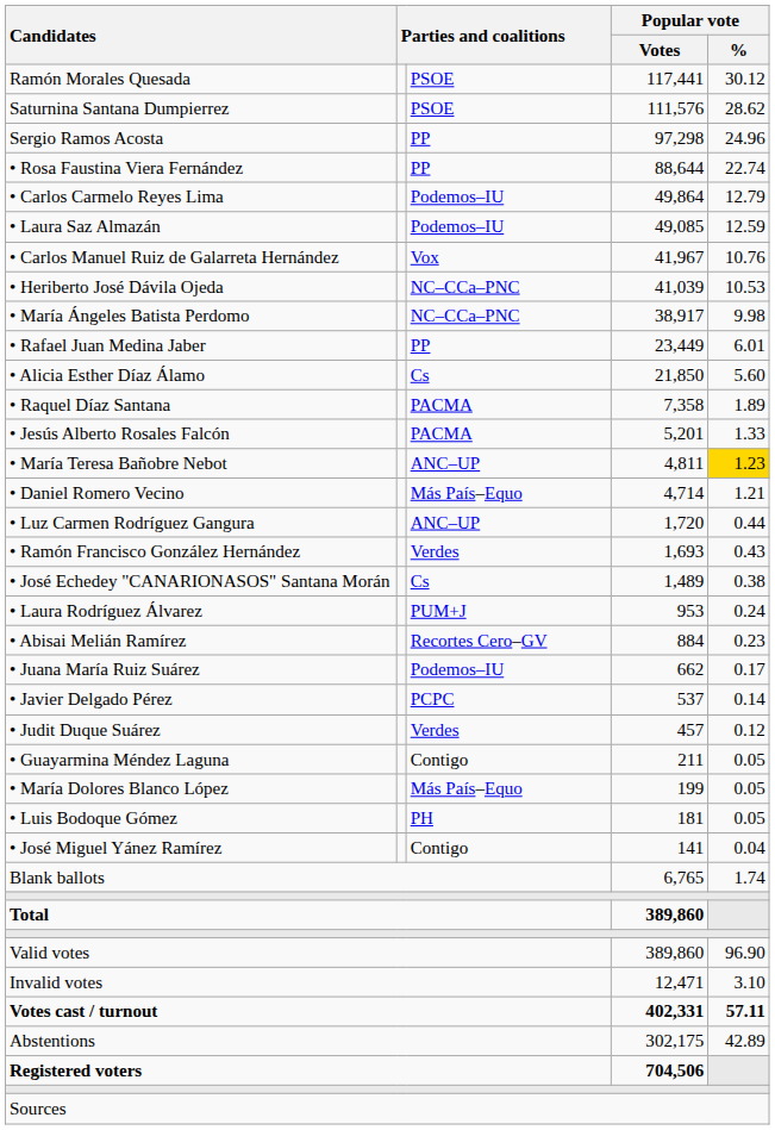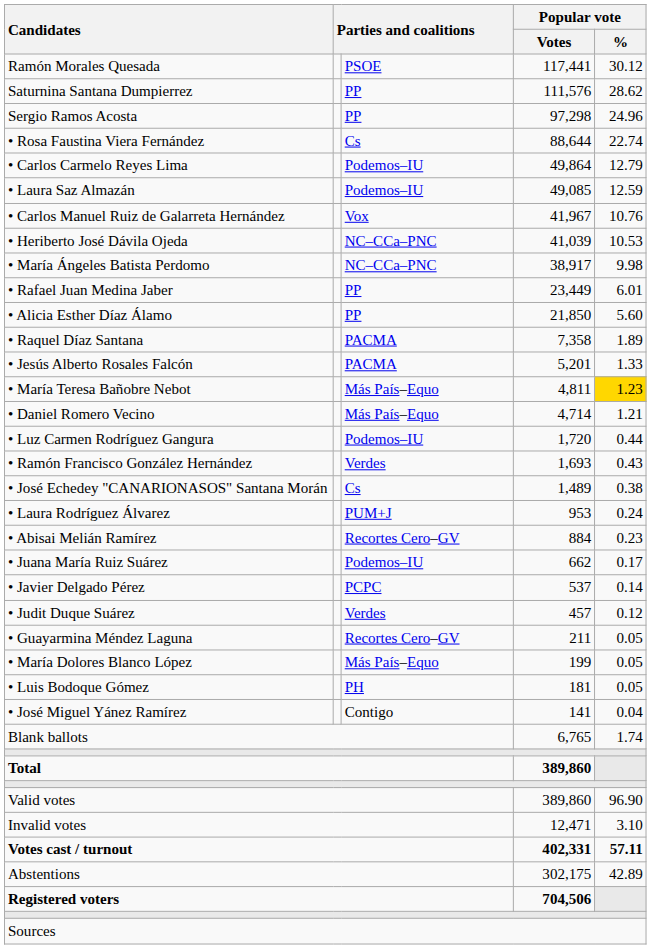 <table class="wikitable" style="text-align:right; font-size:95%;">
 <tr>
 <th style="text-align:left;" rowspan="2" width="325">Candidates</th>
 <th style="text-align:left;" rowspan="2" colspan="2" width="175">Parties and coalitions</th>
 <th colspan="2">Popular vote</th>
 </tr>
 <tr>
 <th width="75">Votes</th>
 <th width="45">%</th>
 </tr>
 <tr>
 <td align="left"> Ramón Morales Quesada</td>
 <td width="1" style="color:inherit;background:"></td>
 <td align="left"><a href='#'>PSOE</a></td>
 <td>117,441</td>
 <td>30.12</td>
 </tr>
 <tr>
 <td align="left"> Saturnina Santana Dumpierrez</td>
 <td style="color:inherit;background:"></td>
-<td align="left"><a href='#'>PSOE</a></td>
+<td align="left"><a href='#'>PP</a></td>
 <td>111,576</td>
 <td>28.62</td>
 </tr>
 <tr>
 <td align="left"> Sergio Ramos Acosta</td>
 <td style="color:inherit;background:"></td>
 <td align="left"><a href='#'>PP</a></td>
 <td>97,298</td>
 <td>24.96</td>
 </tr>
 <tr>
 <td align="left">• Rosa Faustina Viera Fernández</td>
 <td style="color:inherit;background:"></td>
-<td align="left"><a href='#'>PP</a></td>
+<td align="left"><a href='#'>Cs</a></td>
 <td>88,644</td>
 <td>22.74</td>
 </tr>
 <tr>
 <td align="left">• Carlos Carmelo Reyes Lima</td>
 <td style="color:inherit;background:"></td>
 <td align="left"><a href='#'>Podemos–IU</a></td>
 <td>49,864</td>
 <td>12.79</td>
 </tr>
 <tr>
 <td align="left">• Laura Saz Almazán</td>
 <td style="color:inherit;background:"></td>
 <td align="left"><a href='#'>Podemos–IU</a></td>
 <td>49,085</td>
 <td>12.59</td>
 </tr>
 <tr>
 <td align="left">• Carlos Manuel Ruiz de Galarreta Hernández</td>
 <td style="color:inherit;background:"></td>
 <td align="left"><a href='#'>Vox</a></td>
 <td>41,967</td>
 <td>10.76</td>
 </tr>
 <tr>
 <td align="left">• Heriberto José Dávila Ojeda</td>
 <td style="color:inherit;background:"></td>
 <td align="left"><a href='#'>NC–CCa–PNC</a></td>
 <td>41,039</td>
 <td>10.53</td>
 </tr>
 <tr>
 <td align="left">• María Ángeles Batista Perdomo</td>
 <td style="color:inherit;background:"></td>
 <td align="left"><a href='#'>NC–CCa–PNC</a></td>
 <td>38,917</td>
 <td>9.98</td>
 </tr>
 <tr>
 <td align="left">• Rafael Juan Medina Jaber</td>
 <td style="color:inherit;background:"></td>
 <td align="left"><a href='#'>PP</a></td>
 <td>23,449</td>
 <td>6.01</td>
 </tr>
 <tr>
 <td align="left">• Alicia Esther Díaz Álamo</td>
 <td style="color:inherit;background:"></td>
-<td align="left"><a href='#'>Cs</a></td>
+<td align="left"><a href='#'>PP</a></td>
 <td>21,850</td>
 <td>5.60</td>
 </tr>
 <tr>
 <td align="left">• Raquel Díaz Santana</td>
 <td style="color:inherit;background:"></td>
 <td align="left"><a href='#'>PACMA</a></td>
 <td>7,358</td>
 <td>1.89</td>
 </tr>
 <tr>
 <td align="left">• Jesús Alberto Rosales Falcón</td>
 <td style="color:inherit;background:"></td>
 <td align="left"><a href='#'>PACMA</a></td>
 <td>5,201</td>
 <td>1.33</td>
 </tr>
 <tr>
 <td align="left">• María Teresa Bañobre Nebot</td>
 <td style="color:inherit;background:"></td>
-<td align="left"><a href='#'>ANC–UP</a></td>
+<td align="left"><a href='#'>Más País</a>–<a href='#'>Equo</a></td>
 <td>4,811</td>
 <td style="background: gold;">1.23</td>
 </tr>
 <tr>
 <td align="left">• Daniel Romero Vecino</td>
 <td style="color:inherit;background:"></td>
 <td align="left"><a href='#'>Más País</a>–<a href='#'>Equo</a></td>
 <td>4,714</td>
 <td>1.21</td>
 </tr>
 <tr>
 <td align="left">• Luz Carmen Rodríguez Gangura</td>
 <td style="color:inherit;background:"></td>
-<td align="left"><a href='#'>ANC–UP</a></td>
+<td align="left"><a href='#'>Podemos–IU</a></td>
 <td>1,720</td>
 <td>0.44</td>
 </tr>
 <tr>
 <td align="left">• Ramón Francisco González Hernández</td>
 <td style="color:inherit;background:"></td>
 <td align="left"><a href='#'>Verdes</a></td>
 <td>1,693</td>
 <td>0.43</td>
 </tr>
 <tr>
 <td align="left">• José Echedey "CANARIONASOS" Santana Morán</td>
 <td style="color:inherit;background:"></td>
 <td align="left"><a href='#'>Cs</a></td>
 <td>1,489</td>
 <td>0.38</td>
 </tr>
 <tr>
 <td align="left">• Laura Rodríguez Álvarez</td>
 <td style="color:inherit;background:"></td>
 <td align="left"><a href='#'>PUM+J</a></td>
 <td>953</td>
 <td>0.24</td>
 </tr>
 <tr>
 <td align="left">• Abisai Melián Ramírez</td>
 <td style="color:inherit;background:"></td>
 <td align="left"><a href='#'>Recortes Cero</a>–<a href='#'>GV</a></td>
 <td>884</td>
 <td>0.23</td>
 </tr>
 <tr>
 <td align="left">• Juana María Ruiz Suárez</td>
 <td style="color:inherit;background:"></td>
 <td align="left"><a href='#'>Podemos–IU</a></td>
 <td>662</td>
 <td>0.17</td>
 </tr>
 <tr>
 <td align="left">• Javier Delgado Pérez</td>
 <td style="color:inherit;background:"></td>
 <td align="left"><a href='#'>PCPC</a></td>
 <td>537</td>
 <td>0.14</td>
 </tr>
 <tr>
 <td align="left">• Judit Duque Suárez</td>
 <td style="color:inherit;background:"></td>
 <td align="left"><a href='#'>Verdes</a></td>
 <td>457</td>
 <td>0.12</td>
 </tr>
 <tr>
 <td align="left">• Guayarmina Méndez Laguna</td>
 <td style="color:inherit;background:"></td>
-<td align="left">Contigo</td>
+<td align="left"><a href='#'>Recortes Cero</a>–<a href='#'>GV</a></td>
 <td>211</td>
 <td>0.05</td>
 </tr>
 <tr>
 <td align="left">• María Dolores Blanco López</td>
 <td style="color:inherit;background:"></td>
 <td align="left"><a href='#'>Más País</a>–<a href='#'>Equo</a></td>
 <td>199</td>
 <td>0.05</td>
 </tr>
 <tr>
 <td align="left">• Luis Bodoque Gómez</td>
 <td style="color:inherit;background:"></td>
 <td align="left"><a href='#'>PH</a></td>
 <td>181</td>
 <td>0.05</td>
 </tr>
 <tr>
 <td align="left">• José Miguel Yánez Ramírez</td>
 <td style="color:inherit;background:"></td>
 <td align="left">Contigo</td>
 <td>141</td>
 <td>0.04</td>
 </tr>
 <tr>
 <td align="left" colspan="3">Blank ballots</td>
 <td>6,765</td>
 <td>1.74</td>
 </tr>
 <tr>
 <td colspan="5" bgcolor="#E9E9E9"></td>
 </tr>
 <tr style="font-weight:bold;">
 <td align="left" colspan="3">Total</td>
 <td>389,860</td>
 <td bgcolor="#E9E9E9"></td>
 </tr>
 <tr>
 <td colspan="5" bgcolor="#E9E9E9"></td>
 </tr>
 <tr>
 <td align="left" colspan="3">Valid votes</td>
 <td>389,860</td>
 <td>96.90</td>
 </tr>
 <tr>
 <td align="left" colspan="3">Invalid votes</td>
 <td>12,471</td>
 <td>3.10</td>
 </tr>
 <tr style="font-weight:bold;">
 <td align="left" colspan="3">Votes cast / turnout</td>
 <td>402,331</td>
 <td>57.11</td>
 </tr>
 <tr>
 <td align="left" colspan="3">Abstentions</td>
 <td>302,175</td>
 <td>42.89</td>
 </tr>
 <tr style="font-weight:bold;">
 <td align="left" colspan="3">Registered voters</td>
 <td>704,506</td>
 <td bgcolor="#E9E9E9"></td>
 </tr>
 <tr>
 <td colspan="5" bgcolor="#E9E9E9"></td>
 </tr>
 <tr>
 <td align="left" colspan="5">Sources</td>
 </tr>
 </table>
